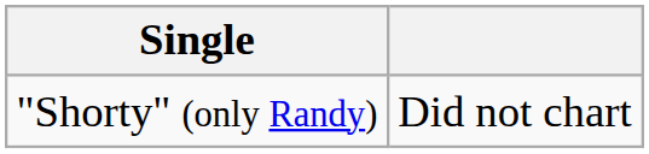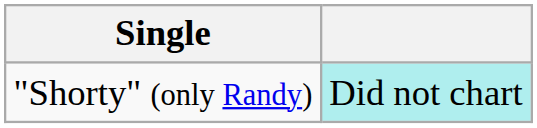 <table class="wikitable">
 <tr>
 <th>Single</th>
 <th></th>
 </tr>
 <tr>
 <td>"Shorty" <small>(only <a href='#'>Randy</a>)</small></td>
-<td>Did not chart</td>
+<td style="background: paleturquoise;">Did not chart</td>
 </tr>
 </table>
